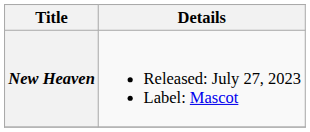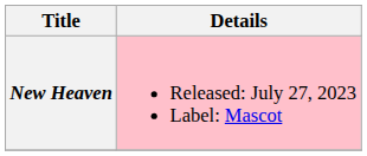 <table class="wikitable plainrowheaders">
 <tr>
 <th scope="col">Title</th>
 <th scope="col">Details</th>
 </tr>
 <tr>
 <th scope="row"><em>New Heaven</em></th>
-<td><br><ul><li>Released: July 27, 2023</li><li>Label: <a href='#'>Mascot</a></li></ul></td>
+<td style="background: pink;"><br><ul><li>Released: July 27, 2023</li><li>Label: <a href='#'>Mascot</a></li></ul></td>
 </tr>
 <tr>
 </tr>
 </table>
